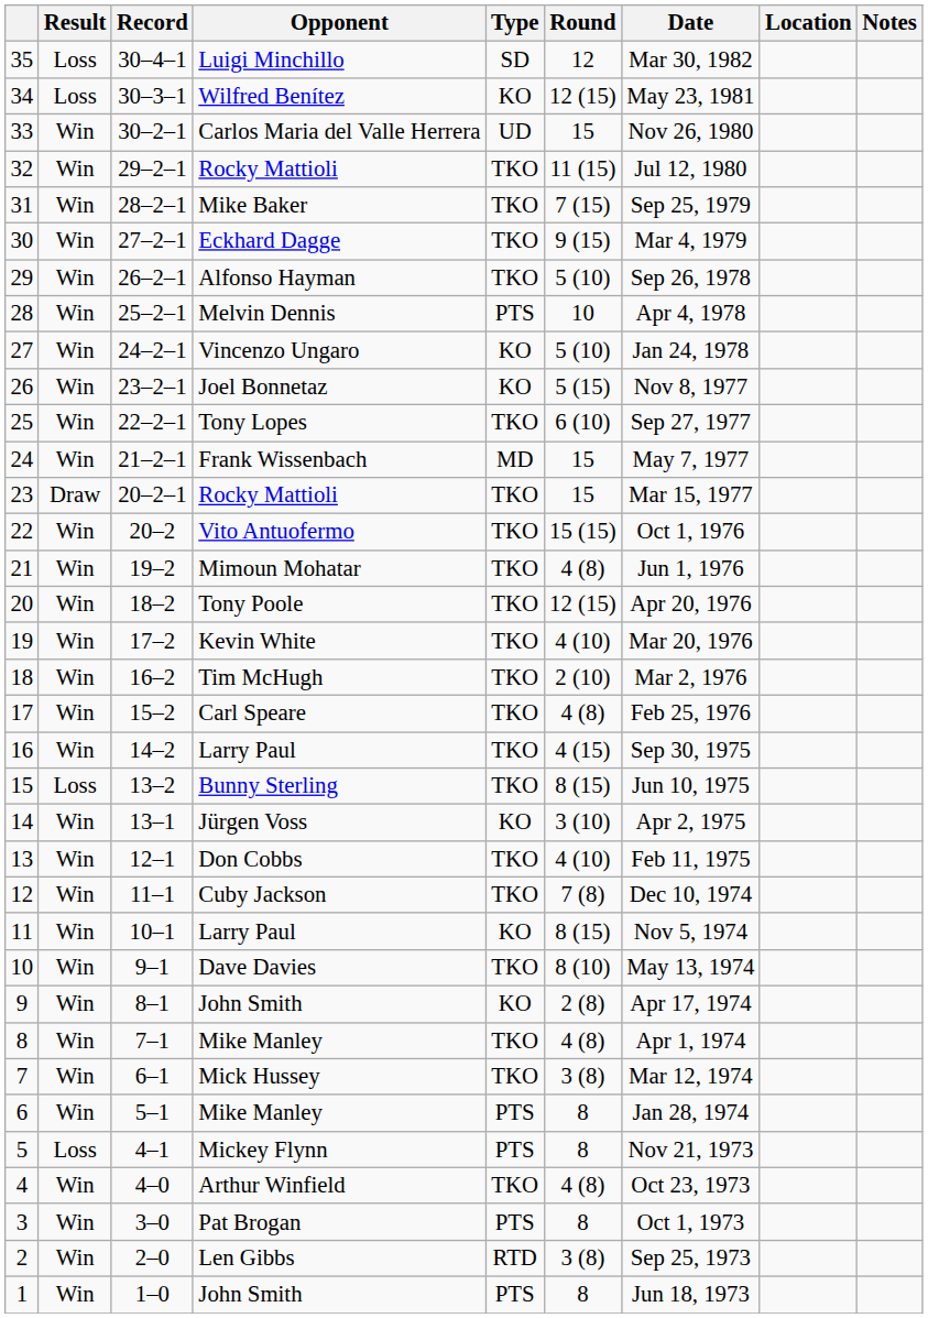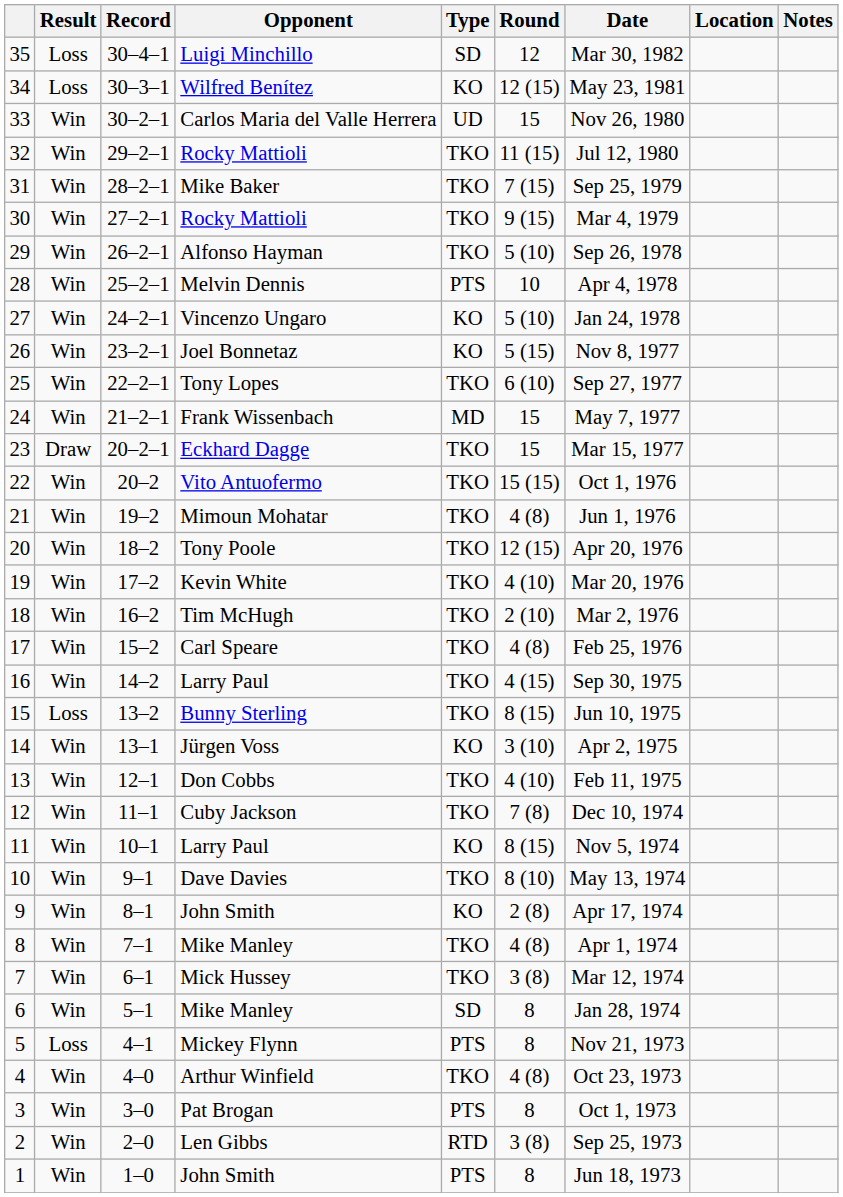 <table class="wikitable" style="text-align:center">
 <tr>
 <th></th>
 <th>Result</th>
 <th>Record</th>
 <th>Opponent</th>
 <th>Type</th>
 <th>Round</th>
 <th>Date</th>
 <th>Location</th>
 <th>Notes</th>
 </tr>
 <tr>
 <td>35</td>
 <td>Loss</td>
 <td>30–4–1</td>
 <td align=left><a href='#'>Luigi Minchillo</a></td>
 <td>SD</td>
 <td>12</td>
 <td>Mar 30, 1982</td>
 <td align=left></td>
 <td align=left></td>
 </tr>
 <tr>
 <td>34</td>
 <td>Loss</td>
 <td>30–3–1</td>
 <td align=left><a href='#'>Wilfred Benítez</a></td>
 <td>KO</td>
 <td>12 (15)</td>
 <td>May 23, 1981</td>
 <td align=left></td>
 <td align=left></td>
 </tr>
 <tr>
 <td>33</td>
 <td>Win</td>
 <td>30–2–1</td>
 <td align=left>Carlos Maria del Valle Herrera</td>
 <td>UD</td>
 <td>15</td>
 <td>Nov 26, 1980</td>
 <td align=left></td>
 <td align=left></td>
 </tr>
 <tr>
 <td>32</td>
 <td>Win</td>
 <td>29–2–1</td>
 <td align=left><a href='#'>Rocky Mattioli</a></td>
 <td>TKO</td>
 <td>11 (15)</td>
 <td>Jul 12, 1980</td>
 <td align=left></td>
 <td align=left></td>
 </tr>
 <tr>
 <td>31</td>
 <td>Win</td>
 <td>28–2–1</td>
 <td align=left>Mike Baker</td>
 <td>TKO</td>
 <td>7 (15)</td>
 <td>Sep 25, 1979</td>
 <td align=left></td>
 <td align=left></td>
 </tr>
 <tr>
 <td>30</td>
 <td>Win</td>
 <td>27–2–1</td>
-<td align=left><a href='#'>Eckhard Dagge</a></td>
+<td align=left><a href='#'>Rocky Mattioli</a></td>
 <td>TKO</td>
 <td>9 (15)</td>
 <td>Mar 4, 1979</td>
 <td align=left></td>
 <td align=left></td>
 </tr>
 <tr>
 <td>29</td>
 <td>Win</td>
 <td>26–2–1</td>
 <td align=left>Alfonso Hayman</td>
 <td>TKO</td>
 <td>5 (10)</td>
 <td>Sep 26, 1978</td>
 <td align=left></td>
 <td align=left></td>
 </tr>
 <tr>
 <td>28</td>
 <td>Win</td>
 <td>25–2–1</td>
 <td align=left>Melvin Dennis</td>
 <td>PTS</td>
 <td>10</td>
 <td>Apr 4, 1978</td>
 <td align=left></td>
 <td align=left></td>
 </tr>
 <tr>
 <td>27</td>
 <td>Win</td>
 <td>24–2–1</td>
 <td align=left>Vincenzo Ungaro</td>
 <td>KO</td>
 <td>5 (10)</td>
 <td>Jan 24, 1978</td>
 <td align=left></td>
 <td align=left></td>
 </tr>
 <tr>
 <td>26</td>
 <td>Win</td>
 <td>23–2–1</td>
 <td align=left>Joel Bonnetaz</td>
 <td>KO</td>
 <td>5 (15)</td>
 <td>Nov 8, 1977</td>
 <td align=left></td>
 <td align=left></td>
 </tr>
 <tr>
 <td>25</td>
 <td>Win</td>
 <td>22–2–1</td>
 <td align=left>Tony Lopes</td>
 <td>TKO</td>
 <td>6 (10)</td>
 <td>Sep 27, 1977</td>
 <td align=left></td>
 <td align=left></td>
 </tr>
 <tr>
 <td>24</td>
 <td>Win</td>
 <td>21–2–1</td>
 <td align=left>Frank Wissenbach</td>
 <td>MD</td>
 <td>15</td>
 <td>May 7, 1977</td>
 <td align=left></td>
 <td align=left></td>
 </tr>
 <tr>
 <td>23</td>
 <td>Draw</td>
 <td>20–2–1</td>
-<td align=left><a href='#'>Rocky Mattioli</a></td>
+<td align=left><a href='#'>Eckhard Dagge</a></td>
 <td>TKO</td>
 <td>15</td>
 <td>Mar 15, 1977</td>
 <td align=left></td>
 <td align=left></td>
 </tr>
 <tr>
 <td>22</td>
 <td>Win</td>
 <td>20–2</td>
 <td align=left><a href='#'>Vito Antuofermo</a></td>
 <td>TKO</td>
 <td>15 (15)</td>
 <td>Oct 1, 1976</td>
 <td align=left></td>
 <td align=left></td>
 </tr>
 <tr>
 <td>21</td>
 <td>Win</td>
 <td>19–2</td>
 <td align=left>Mimoun Mohatar</td>
 <td>TKO</td>
 <td>4 (8)</td>
 <td>Jun 1, 1976</td>
 <td align=left></td>
 <td align=left></td>
 </tr>
 <tr>
 <td>20</td>
 <td>Win</td>
 <td>18–2</td>
 <td align=left>Tony Poole</td>
 <td>TKO</td>
 <td>12 (15)</td>
 <td>Apr 20, 1976</td>
 <td align=left></td>
 <td align=left></td>
 </tr>
 <tr>
 <td>19</td>
 <td>Win</td>
 <td>17–2</td>
 <td align=left>Kevin White</td>
 <td>TKO</td>
 <td>4 (10)</td>
 <td>Mar 20, 1976</td>
 <td align=left></td>
 <td align=left></td>
 </tr>
 <tr>
 <td>18</td>
 <td>Win</td>
 <td>16–2</td>
 <td align=left>Tim McHugh</td>
 <td>TKO</td>
 <td>2 (10)</td>
 <td>Mar 2, 1976</td>
 <td align=left></td>
 <td align=left></td>
 </tr>
 <tr>
 <td>17</td>
 <td>Win</td>
 <td>15–2</td>
 <td align=left>Carl Speare</td>
 <td>TKO</td>
 <td>4 (8)</td>
 <td>Feb 25, 1976</td>
 <td align=left></td>
 <td align=left></td>
 </tr>
 <tr>
 <td>16</td>
 <td>Win</td>
 <td>14–2</td>
 <td align=left>Larry Paul</td>
 <td>TKO</td>
 <td>4 (15)</td>
 <td>Sep 30, 1975</td>
 <td align=left></td>
 <td align=left></td>
 </tr>
 <tr>
 <td>15</td>
 <td>Loss</td>
 <td>13–2</td>
 <td align=left><a href='#'>Bunny Sterling</a></td>
 <td>TKO</td>
 <td>8 (15)</td>
 <td>Jun 10, 1975</td>
 <td align=left></td>
 <td align=left></td>
 </tr>
 <tr>
 <td>14</td>
 <td>Win</td>
 <td>13–1</td>
 <td align=left>Jürgen Voss</td>
 <td>KO</td>
 <td>3 (10)</td>
 <td>Apr 2, 1975</td>
 <td align=left></td>
 <td align=left></td>
 </tr>
 <tr>
 <td>13</td>
 <td>Win</td>
 <td>12–1</td>
 <td align=left>Don Cobbs</td>
 <td>TKO</td>
 <td>4 (10)</td>
 <td>Feb 11, 1975</td>
 <td align=left></td>
 <td align=left></td>
 </tr>
 <tr>
 <td>12</td>
 <td>Win</td>
 <td>11–1</td>
 <td align=left>Cuby Jackson</td>
 <td>TKO</td>
 <td>7 (8)</td>
 <td>Dec 10, 1974</td>
 <td align=left></td>
 <td align=left></td>
 </tr>
 <tr>
 <td>11</td>
 <td>Win</td>
 <td>10–1</td>
 <td align=left>Larry Paul</td>
 <td>KO</td>
 <td>8 (15)</td>
 <td>Nov 5, 1974</td>
 <td align=left></td>
 <td align=left></td>
 </tr>
 <tr>
 <td>10</td>
 <td>Win</td>
 <td>9–1</td>
 <td align=left>Dave Davies</td>
 <td>TKO</td>
 <td>8 (10)</td>
 <td>May 13, 1974</td>
 <td align=left></td>
 <td align=left></td>
 </tr>
 <tr>
 <td>9</td>
 <td>Win</td>
 <td>8–1</td>
 <td align=left>John Smith</td>
 <td>KO</td>
 <td>2 (8)</td>
 <td>Apr 17, 1974</td>
 <td align=left></td>
 <td align=left></td>
 </tr>
 <tr>
 <td>8</td>
 <td>Win</td>
 <td>7–1</td>
 <td align=left>Mike Manley</td>
 <td>TKO</td>
 <td>4 (8)</td>
 <td>Apr 1, 1974</td>
 <td align=left></td>
 <td align=left></td>
 </tr>
 <tr>
 <td>7</td>
 <td>Win</td>
 <td>6–1</td>
 <td align=left>Mick Hussey</td>
 <td>TKO</td>
 <td>3 (8)</td>
 <td>Mar 12, 1974</td>
 <td align=left></td>
 <td align=left></td>
 </tr>
 <tr>
 <td>6</td>
 <td>Win</td>
 <td>5–1</td>
 <td align=left>Mike Manley</td>
-<td>PTS</td>
+<td>SD</td>
 <td>8</td>
 <td>Jan 28, 1974</td>
 <td align=left></td>
 <td align=left></td>
 </tr>
 <tr>
 <td>5</td>
 <td>Loss</td>
 <td>4–1</td>
 <td align=left>Mickey Flynn</td>
 <td>PTS</td>
 <td>8</td>
 <td>Nov 21, 1973</td>
 <td align=left></td>
 <td align=left></td>
 </tr>
 <tr>
 <td>4</td>
 <td>Win</td>
 <td>4–0</td>
 <td align=left>Arthur Winfield</td>
 <td>TKO</td>
 <td>4 (8)</td>
 <td>Oct 23, 1973</td>
 <td align=left></td>
 <td align=left></td>
 </tr>
 <tr>
 <td>3</td>
 <td>Win</td>
 <td>3–0</td>
 <td align=left>Pat Brogan</td>
 <td>PTS</td>
 <td>8</td>
 <td>Oct 1, 1973</td>
 <td align=left></td>
 <td align=left></td>
 </tr>
 <tr>
 <td>2</td>
 <td>Win</td>
 <td>2–0</td>
 <td align=left>Len Gibbs</td>
 <td>RTD</td>
 <td>3 (8)</td>
 <td>Sep 25, 1973</td>
 <td align=left></td>
 <td align=left></td>
 </tr>
 <tr>
 <td>1</td>
 <td>Win</td>
 <td>1–0</td>
 <td align=left>John Smith</td>
 <td>PTS</td>
 <td>8</td>
 <td>Jun 18, 1973</td>
 <td align=left></td>
 <td align=left></td>
 </tr>
 </table>
